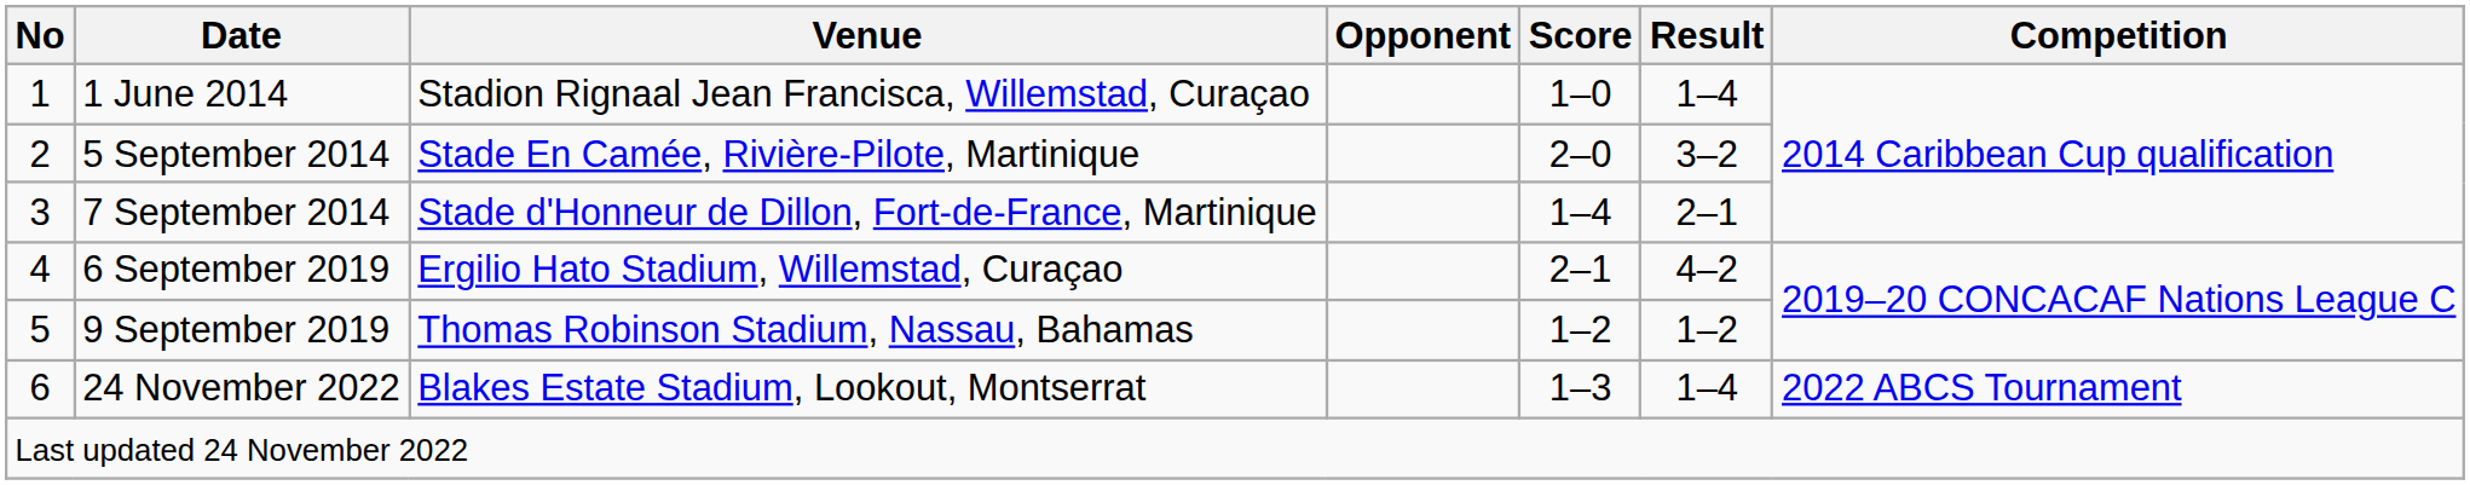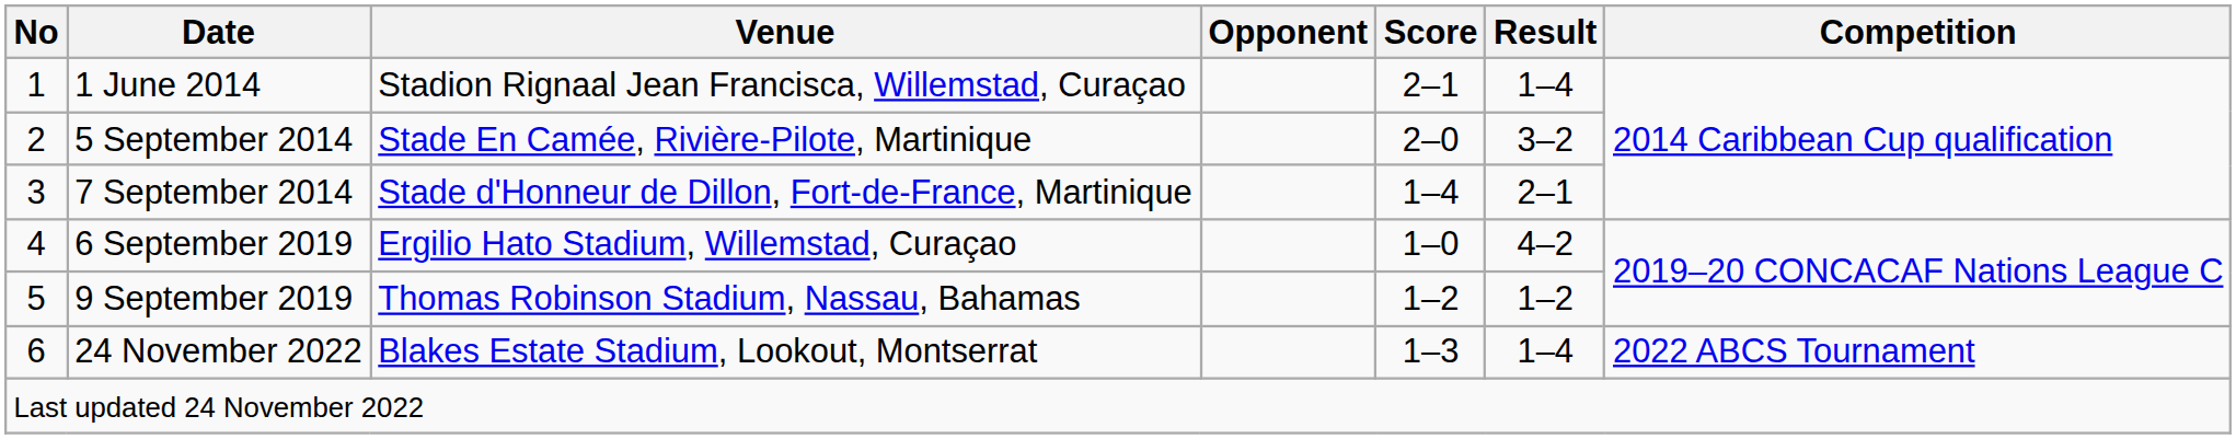 <table class="wikitable" style="font-size:85%;">
 <tr>
 <th>No</th>
 <th>Date</th>
 <th>Venue</th>
 <th>Opponent</th>
 <th>Score</th>
 <th>Result</th>
 <th>Competition</th>
 </tr>
 <tr>
 <td align="center">1</td>
 <td>1 June 2014</td>
 <td>Stadion Rignaal Jean Francisca, <a href='#'>Willemstad</a>, Curaçao</td>
 <td></td>
-<td align=center>1–0</td>
+<td align=center>2–1</td>
 <td align=center>1–4</td>
 <td rowspan=3><a href='#'>2014 Caribbean Cup qualification</a></td>
 </tr>
 <tr>
 <td align="center">2</td>
 <td>5 September 2014</td>
 <td><a href='#'>Stade En Camée</a>, <a href='#'>Rivière-Pilote</a>, Martinique</td>
 <td></td>
 <td align=center>2–0</td>
 <td align=center>3–2</td>
 </tr>
 <tr>
 <td align="center">3</td>
 <td>7 September 2014</td>
 <td><a href='#'>Stade d'Honneur de Dillon</a>, <a href='#'>Fort-de-France</a>, Martinique</td>
 <td></td>
 <td align=center>1–4</td>
 <td align=center>2–1</td>
 </tr>
 <tr>
 <td align="center">4</td>
 <td>6 September 2019</td>
 <td><a href='#'>Ergilio Hato Stadium</a>, <a href='#'>Willemstad</a>, Curaçao</td>
 <td></td>
-<td align=center>2–1</td>
+<td align=center>1–0</td>
 <td align=center>4–2</td>
 <td rowspan=2><a href='#'>2019–20 CONCACAF Nations League C</a></td>
 </tr>
 <tr>
 <td align="center">5</td>
 <td>9 September 2019</td>
 <td><a href='#'>Thomas Robinson Stadium</a>, <a href='#'>Nassau</a>, Bahamas</td>
 <td></td>
 <td align=center>1–2</td>
 <td align=center>1–2</td>
 </tr>
 <tr>
 <td align="center">6</td>
 <td>24 November 2022</td>
 <td><a href='#'>Blakes Estate Stadium</a>, Lookout, Montserrat</td>
 <td></td>
 <td align=center>1–3</td>
 <td align=center>1–4</td>
 <td><a href='#'>2022 ABCS Tournament</a></td>
 </tr>
 <tr>
 <td colspan="7"><small>Last updated 24 November 2022</small></td>
 </tr>
 </table>
